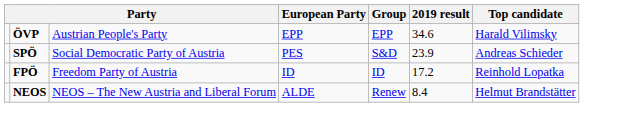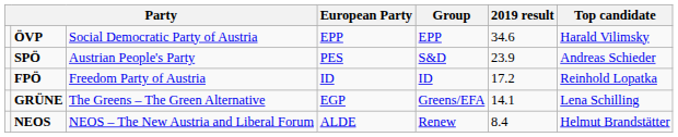 <table class="wikitable">
 <tr>
 <th colspan="3">Party</th>
 <th>European Party</th>
 <th>Group</th>
 <th>2019 result</th>
 <th>Top candidate</th>
 </tr>
 <tr>
 <td style="background:"></td>
 <td><strong>ÖVP</strong></td>
-<td><a href='#'>Austrian People's Party</a></td>
+<td><a href='#'>Social Democratic Party of Austria</a></td>
 <td><a href='#'>EPP</a></td>
 <td><a href='#'>EPP</a></td>
 <td>34.6</td>
 <td><a href='#'>Harald Vilimsky</a></td>
 </tr>
 <tr>
 <td style="background:"></td>
 <td><strong>SPÖ</strong></td>
-<td><a href='#'>Social Democratic Party of Austria</a></td>
+<td><a href='#'>Austrian People's Party</a></td>
 <td><a href='#'>PES</a></td>
 <td><a href='#'>S&D</a></td>
 <td>23.9</td>
 <td><a href='#'>Andreas Schieder</a></td>
 </tr>
 <tr>
 <td style="background:"></td>
 <td><strong>FPÖ</strong></td>
 <td><a href='#'>Freedom Party of Austria</a></td>
 <td><a href='#'>ID</a></td>
 <td><a href='#'>ID</a></td>
 <td>17.2</td>
 <td><a href='#'>Reinhold Lopatka</a></td>
 </tr>
 <tr>
 <td style="background:"></td>
+<td><strong>GRÜNE</strong></td>
+<td><a href='#'>The Greens – The Green Alternative</a></td>
+<td><a href='#'>EGP</a></td>
+<td><a href='#'>Greens/EFA</a></td>
+<td>14.1</td>
+<td><a href='#'>Lena Schilling</a></td>
+</tr>
+<tr>
+<td style="background:"></td>
 <td><strong>NEOS</strong></td>
 <td><a href='#'>NEOS – The New Austria and Liberal Forum</a></td>
 <td><a href='#'>ALDE</a></td>
 <td><a href='#'>Renew</a></td>
 <td>8.4</td>
 <td><a href='#'>Helmut Brandstätter</a></td>
 </tr>
 </table>
